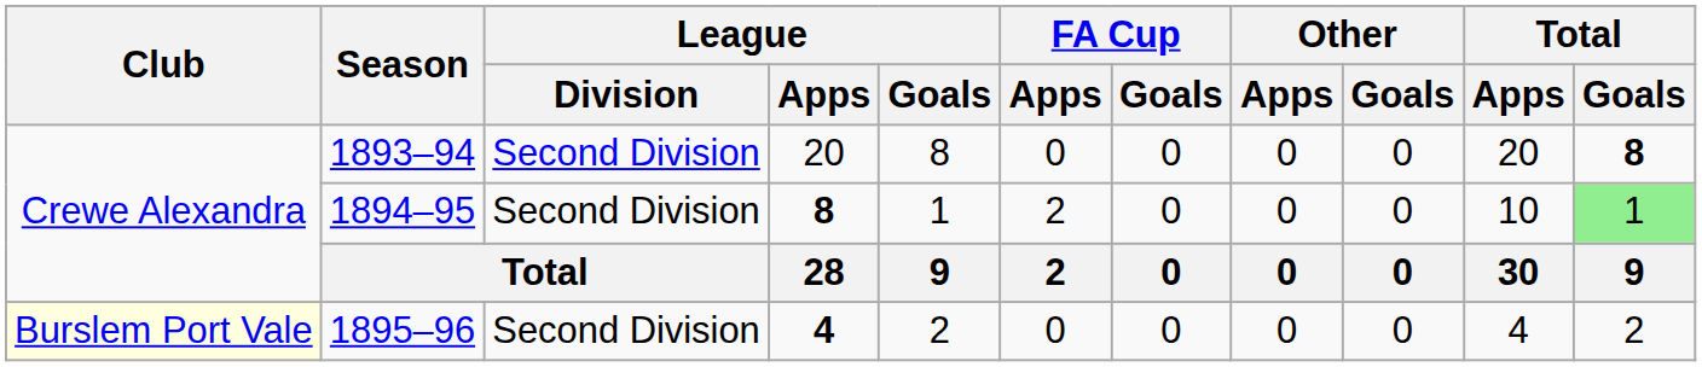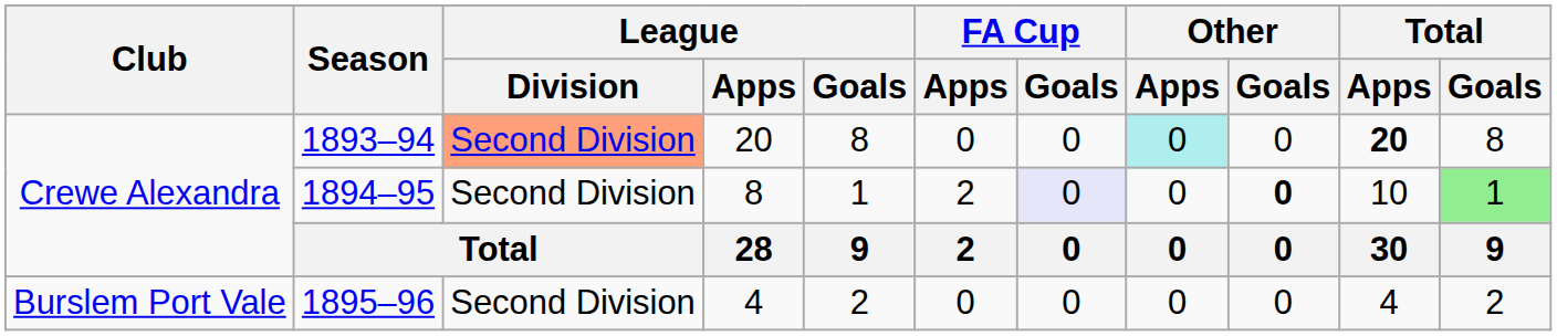 <table class="wikitable" style="text-align:center">
 <tr>
 <th rowspan="2">Club</th>
 <th rowspan="2">Season</th>
 <th colspan="3">League</th>
 <th colspan="2"><a href='#'>FA Cup</a></th>
 <th colspan="2">Other</th>
 <th colspan="2">Total</th>
 </tr>
 <tr>
 <th>Division</th>
 <th>Apps</th>
 <th>Goals</th>
 <th>Apps</th>
 <th>Goals</th>
 <th>Apps</th>
 <th>Goals</th>
 <th>Apps</th>
 <th>Goals</th>
 </tr>
 <tr>
 <td rowspan="3"><a href='#'>Crewe Alexandra</a></td>
 <td><a href='#'>1893–94</a></td>
-<td><a href='#'>Second Division</a></td>
+<td style="background: lightsalmon;"><a href='#'>Second Division</a></td>
 <td>20</td>
 <td>8</td>
 <td>0</td>
 <td>0</td>
+<td style="background: paleturquoise;">0</td>
 <td>0</td>
-<td>0</td>
-<td>20</td>
-<td><strong>8</strong></td>
+<td><strong>20</strong></td>
+<td>8</td>
 </tr>
 <tr>
 <td><a href='#'>1894–95</a></td>
 <td>Second Division</td>
-<td><strong>8</strong></td>
+<td>8</td>
 <td>1</td>
 <td>2</td>
+<td style="background: lavender;">0</td>
 <td>0</td>
-<td>0</td>
-<td>0</td>
+<td><strong>0</strong></td>
 <td>10</td>
 <td style="background: lightgreen;">1</td>
 </tr>
 <tr>
 <th colspan="2">Total</th>
 <th>28</th>
 <th>9</th>
 <th>2</th>
 <th>0</th>
 <th>0</th>
 <th>0</th>
 <th>30</th>
 <th>9</th>
 </tr>
 <tr>
-<td style="background: lightyellow;"><a href='#'>Burslem Port Vale</a></td>
+<td><a href='#'>Burslem Port Vale</a></td>
 <td><a href='#'>1895–96</a></td>
 <td>Second Division</td>
-<td><strong>4</strong></td>
+<td>4</td>
 <td>2</td>
 <td>0</td>
 <td>0</td>
 <td>0</td>
 <td>0</td>
 <td>4</td>
 <td>2</td>
 </tr>
 </table>
